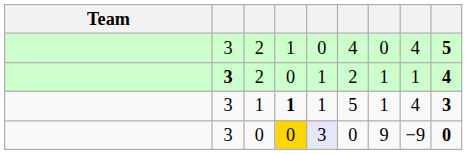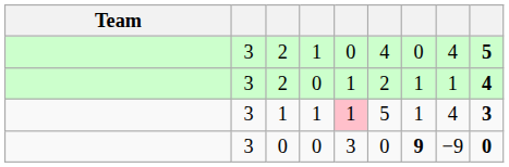 <table class="wikitable" style="text-align:center">
 <tr>
 <th width=175>Team</th>
 <th width=20></th>
 <th width=20></th>
 <th width=20></th>
 <th width=20></th>
 <th width=20></th>
 <th width=20></th>
 <th width=20></th>
 <th width=20></th>
 </tr>
 <tr align=center bgcolor=#ccffcc>
 <td align=left></td>
 <td>3</td>
 <td>2</td>
 <td>1</td>
 <td>0</td>
 <td>4</td>
 <td>0</td>
 <td>4</td>
 <td><strong>5</strong></td>
 </tr>
 <tr align=center bgcolor=#ccffcc>
 <td align=left></td>
-<td><strong>3</strong></td>
+<td>3</td>
 <td>2</td>
 <td>0</td>
 <td>1</td>
 <td>2</td>
 <td>1</td>
 <td>1</td>
 <td><strong>4</strong></td>
 </tr>
 <tr>
 <td align=left></td>
 <td>3</td>
 <td>1</td>
-<td><strong>1</strong></td>
 <td>1</td>
+<td style="background: pink;">1</td>
 <td>5</td>
 <td>1</td>
 <td>4</td>
 <td><strong>3</strong></td>
 </tr>
 <tr>
 <td align=left></td>
 <td>3</td>
 <td>0</td>
-<td style="background: gold;">0</td>
-<td style="background: lavender;">3</td>
 <td>0</td>
-<td>9</td>
+<td>3</td>
+<td>0</td>
+<td><strong>9</strong></td>
 <td>−9</td>
 <td><strong>0</strong></td>
 </tr>
 </table>
